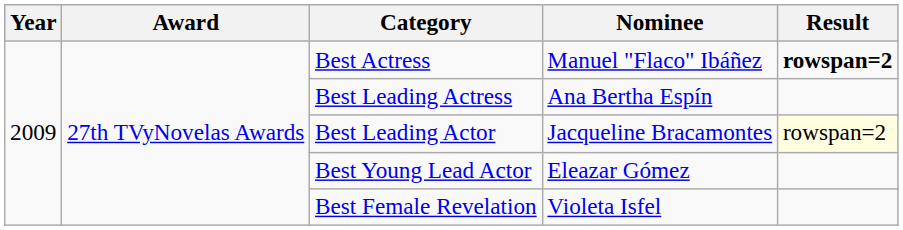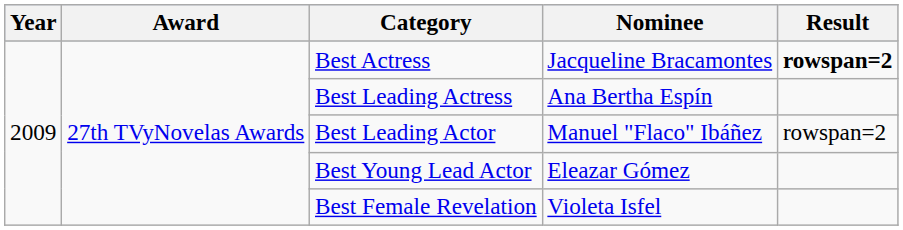 <table class="wikitable">
 <tr style="background:#b0c4de;">
 <th>Year</th>
 <th>Award</th>
 <th>Category</th>
 <th>Nominee</th>
 <th>Result</th>
 </tr>
 <tr>
 <td rowspan=5>2009</td>
 <td rowspan=5><a href='#'>27th TVyNovelas Awards</a></td>
 <td><a href='#'>Best Actress</a></td>
-<td><a href='#'>Manuel "Flaco" Ibáñez</a></td>
+<td><a href='#'>Jacqueline Bracamontes</a></td>
 <td><strong>rowspan=2 </strong></td>
 </tr>
 <tr>
 <td><a href='#'>Best Leading Actress</a></td>
 <td><a href='#'>Ana Bertha Espín</a></td>
 </tr>
 <tr>
 <td><a href='#'>Best Leading Actor</a></td>
-<td><a href='#'>Jacqueline Bracamontes</a></td>
-<td style="background: lightyellow;">rowspan=2 </td>
+<td><a href='#'>Manuel "Flaco" Ibáñez</a></td>
+<td>rowspan=2 </td>
 </tr>
 <tr>
 <td><a href='#'>Best Young Lead Actor</a></td>
 <td><a href='#'>Eleazar Gómez</a></td>
 </tr>
 <tr>
 <td><a href='#'>Best Female Revelation</a></td>
 <td><a href='#'>Violeta Isfel</a></td>
 <td></td>
 </tr>
 </table>
